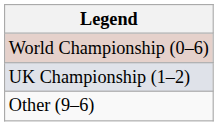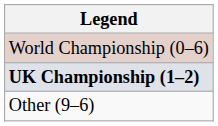 <table class="wikitable">
 <tr>
 <th>Legend</th>
 </tr>
 <tr bgcolor="#e5d1cb">
 <td>World Championship (0–6)</td>
 </tr>
 <tr bgcolor="dfe2e9">
-<td>UK Championship (1–2)</td>
+<td><strong>UK Championship (1–2)</strong></td>
 </tr>
 <tr bgcolor=>
 <td>Other (9–6)</td>
 </tr>
 </table>
